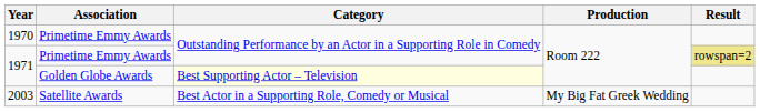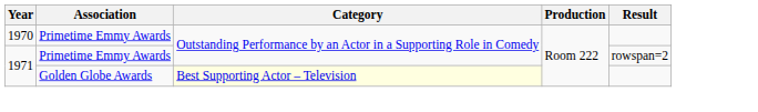 <table class="wikitable sortable">
 <tr>
 <th>Year</th>
 <th>Association</th>
 <th>Category</th>
 <th>Production</th>
 <th>Result</th>
 </tr>
 <tr>
 <td>1970</td>
 <td><a href='#'>Primetime Emmy Awards</a></td>
 <td rowspan=2><a href='#'>Outstanding Performance by an Actor in a Supporting Role in Comedy</a></td>
 <td rowspan=3>Room 222</td>
 <td></td>
 </tr>
 <tr>
 <td rowspan=2>1971</td>
 <td><a href='#'>Primetime Emmy Awards</a></td>
-<td style="background: khaki;">rowspan=2 </td>
+<td>rowspan=2 </td>
 </tr>
 <tr>
 <td><a href='#'>Golden Globe Awards</a></td>
 <td style="background: lightyellow;"><a href='#'>Best Supporting Actor – Television</a></td>
 </tr>
-<tr>
-<td>2003</td>
-<td><a href='#'>Satellite Awards</a></td>
-<td><a href='#'>Best Actor in a Supporting Role, Comedy or Musical</a></td>
-<td>My Big Fat Greek Wedding</td>
-<td></td>
-</tr>
 </table>
